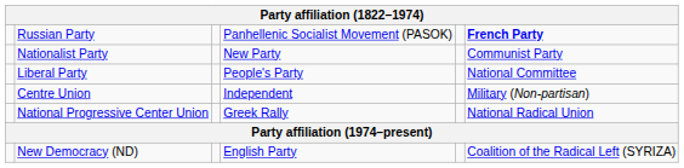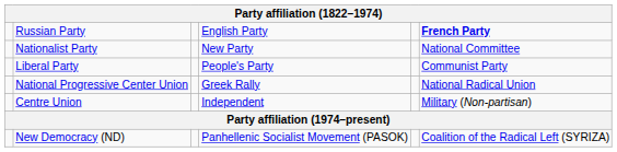 <table class="wikitable" style="margin:0 portrait;">
 <tr>
 <th colspan=6>Party affiliation (1822–1974)</th>
 </tr>
 <tr>
 <td style="background:"> </td>
 <td><a href='#'>Russian Party</a></td>
 <td style="background:"> </td>
-<td><a href='#'>Panhellenic Socialist Movement</a> (PASOK)</td>
+<td><a href='#'>English Party</a></td>
 <td style="background:"> </td>
 <td><strong><a href='#'>French Party</a></strong></td>
 </tr>
 <tr>
 <td style="background:"> </td>
 <td><a href='#'>Nationalist Party</a></td>
 <td style="background:"> </td>
 <td><a href='#'>New Party</a></td>
 <td style="background:"> </td>
-<td><a href='#'>Communist Party</a></td>
+<td><a href='#'>National Committee</a></td>
 </tr>
 <tr>
 <td style="background:"> </td>
 <td><a href='#'>Liberal Party</a></td>
 <td style="background:"> </td>
 <td><a href='#'>People's Party</a></td>
 <td style="background:"> </td>
-<td><a href='#'>National Committee</a></td>
+<td><a href='#'>Communist Party</a></td>
+</tr>
+<tr>
+<td style="background:"> </td>
+<td><a href='#'>National Progressive Center Union</a></td>
+<td style="background:"> </td>
+<td><a href='#'>Greek Rally</a></td>
+<td style="background:"> </td>
+<td><a href='#'>National Radical Union</a></td>
 </tr>
 <tr>
 <td style="background:"> </td>
 <td><a href='#'>Centre Union</a></td>
 <td style="background:"> </td>
 <td><a href='#'>Independent</a></td>
 <td style="background:"> </td>
 <td><a href='#'>Military</a> (<em>Non-partisan</em>)</td>
 </tr>
 <tr>
-<td style="background:"> </td>
-<td><a href='#'>National Progressive Center Union</a></td>
-<td style="background:"> </td>
-<td><a href='#'>Greek Rally</a></td>
-<td style="background:"> </td>
-<td><a href='#'>National Radical Union</a></td>
-</tr>
-<tr>
 <th colspan=6>Party affiliation (1974–present)</th>
 </tr>
 <tr>
 <td style="background:"> </td>
 <td><a href='#'>New Democracy</a> (ND)</td>
 <td style="background:"> </td>
-<td><a href='#'>English Party</a></td>
+<td><a href='#'>Panhellenic Socialist Movement</a> (PASOK)</td>
 <td style="background:"> </td>
 <td><a href='#'>Coalition of the Radical Left</a> (SYRIZA)</td>
 </tr>
 </table>
